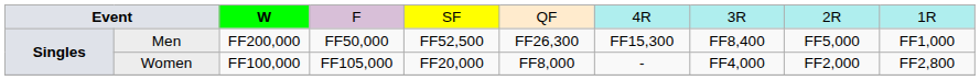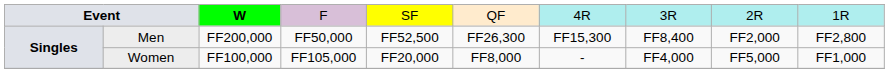 <table class=wikitable style=font-size:90%;text-align:center>
 <tr>
 <td width=200 colspan=2 bgcolor=#dfe2e9><strong>Event</strong></td>
 <td width=80 bgcolor=lime><strong>W</strong></td>
 <td width=85 bgcolor=#D8BFD8>F</td>
 <td width=85 bgcolor=#FFFF00>SF</td>
 <td width=85 bgcolor=#ffebcd>QF</td>
 <td width=85 bgcolor=#afeeee>4R</td>
 <td width=85 bgcolor=#afeeee>3R</td>
 <td width=85 bgcolor=#afeeee>2R</td>
 <td width=85 bgcolor=#afeeee>1R</td>
 </tr>
 <tr>
 <td rowspan=2 bgcolor=#dfe2e9><strong>Singles</strong> </td>
 <td bgcolor=#EDEDED>Men</td>
 <td>FF200,000</td>
 <td>FF50,000</td>
 <td>FF52,500</td>
 <td>FF26,300</td>
 <td>FF15,300</td>
 <td>FF8,400</td>
-<td>FF5,000</td>
-<td>FF1,000</td>
+<td>FF2,000</td>
+<td>FF2,800</td>
 </tr>
 <tr>
 <td bgcolor=#EDEDED>Women</td>
 <td>FF100,000</td>
 <td>FF105,000</td>
 <td>FF20,000</td>
 <td>FF8,000</td>
 <td>-</td>
 <td>FF4,000</td>
-<td>FF2,000</td>
-<td>FF2,800</td>
+<td>FF5,000</td>
+<td>FF1,000</td>
 </tr>
 <tr>
 </tr>
 </table>
